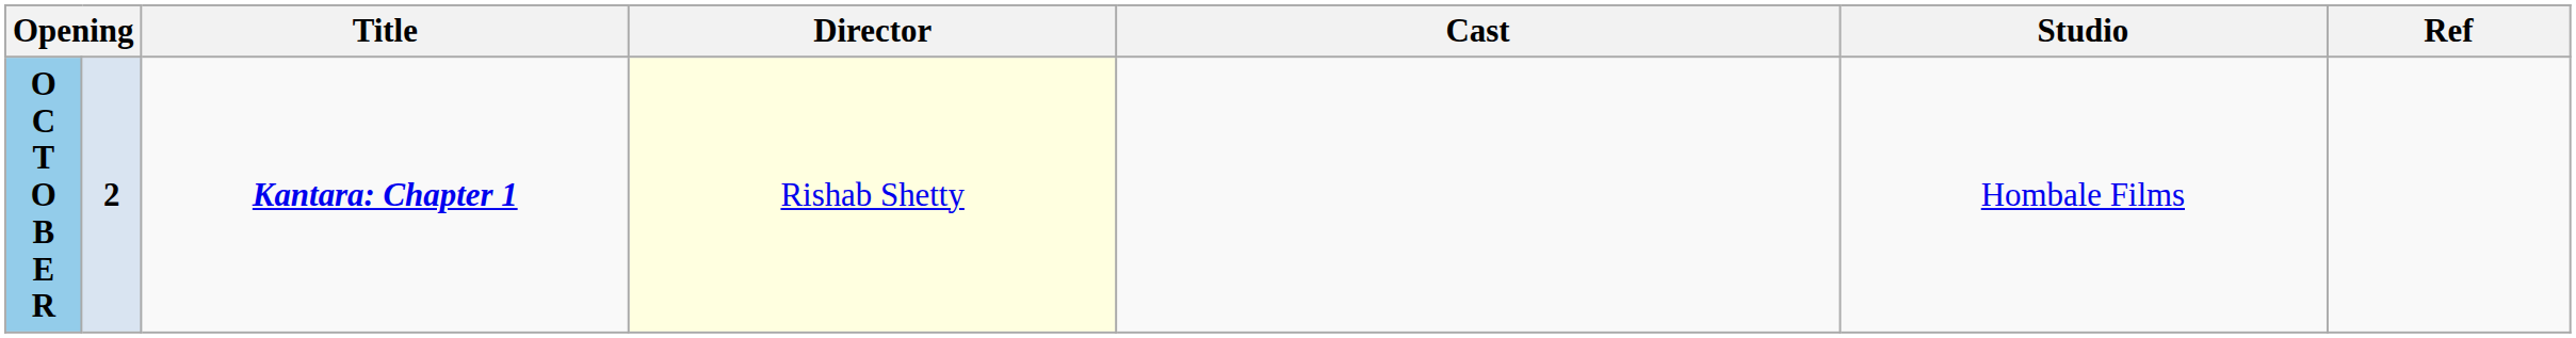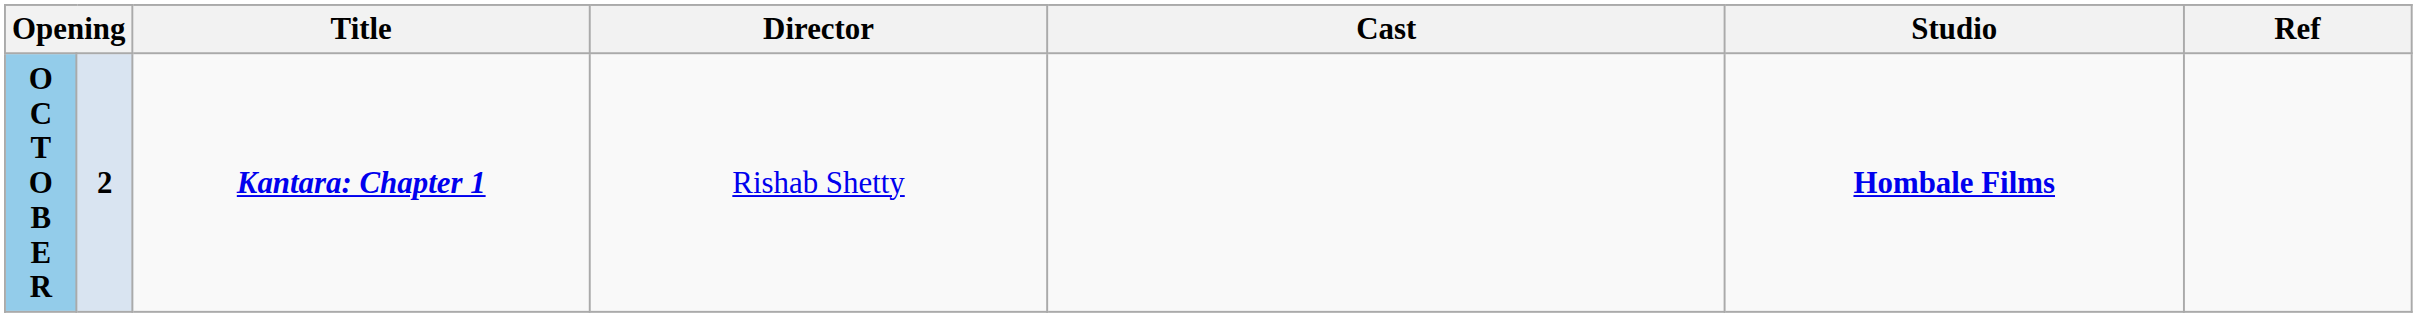 <table class="wikitable sortable">
 <tr>
 <th colspan="2">Opening</th>
 <th style="width:20%;">Title</th>
 <th style="width:20%;">Director</th>
 <th style="width:30%;">Cast</th>
 <th style="width:20%;">Studio</th>
 <th style="width:10%;">Ref</th>
 </tr>
 <tr>
 <td style="text-align:center; background:#93CCEA; textcolor:#000;"><strong>O<br>C<br>T<br>O<br>B<br>E<br>R</strong></td>
 <td rowspan="1" style="text-align:center;background:#d9e4f1;"><strong>2</strong></td>
 <td style="text-align:center;"><strong><em><a href='#'>Kantara: Chapter 1</a></em></strong></td>
-<td style="background: lightyellow; text-align:center;"><a href='#'>Rishab Shetty</a></td>
+<td style="text-align:center;"><a href='#'>Rishab Shetty</a></td>
 <td></td>
-<td style="text-align:center;"><a href='#'>Hombale Films</a></td>
+<td style="text-align:center;"><strong><a href='#'>Hombale Films</a></strong></td>
 <td style="text-align:center;"></td>
 </tr>
 </table>
